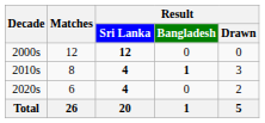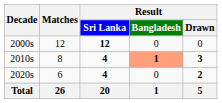 <table class="wikitable">
 <tr>
 <th rowspan=2>Decade</th>
 <th rowspan=2>Matches</th>
 <th colspan=3>Result</th>
 </tr>
 <tr>
 <th style="background: 	blue	;color:white; width:4.5em;">Sri Lanka</th>
 <th style="background: 	green	;color:white; width:4.5em;">Bangladesh</th>
 <th>Drawn</th>
 </tr>
 <tr>
 <td align="center">2000s</td>
 <td align="center">12</td>
 <td align="center"><strong>12</strong></td>
 <td align="center">0</td>
 <td align="center">0</td>
 </tr>
 <tr>
 <td align="center">2010s</td>
 <td align="center">8</td>
 <td align="center"><strong>4</strong></td>
-<td align="center"><strong>1</strong></td>
-<td align="center">3</td>
+<td align="center" style="background: lightsalmon;"><strong>1</strong></td>
+<td align="center"><strong>3</strong></td>
 </tr>
 <tr>
 <td align="center">2020s</td>
 <td align="center">6</td>
 <td align="center"><strong>4</strong></td>
 <td align="center">0</td>
-<td align="center">2</td>
+<td align="center"><strong>2</strong></td>
 </tr>
 <tr>
 <th>Total</th>
 <th>26</th>
 <th><strong>20</strong></th>
 <th>1</th>
 <th>5</th>
 </tr>
 </table>
